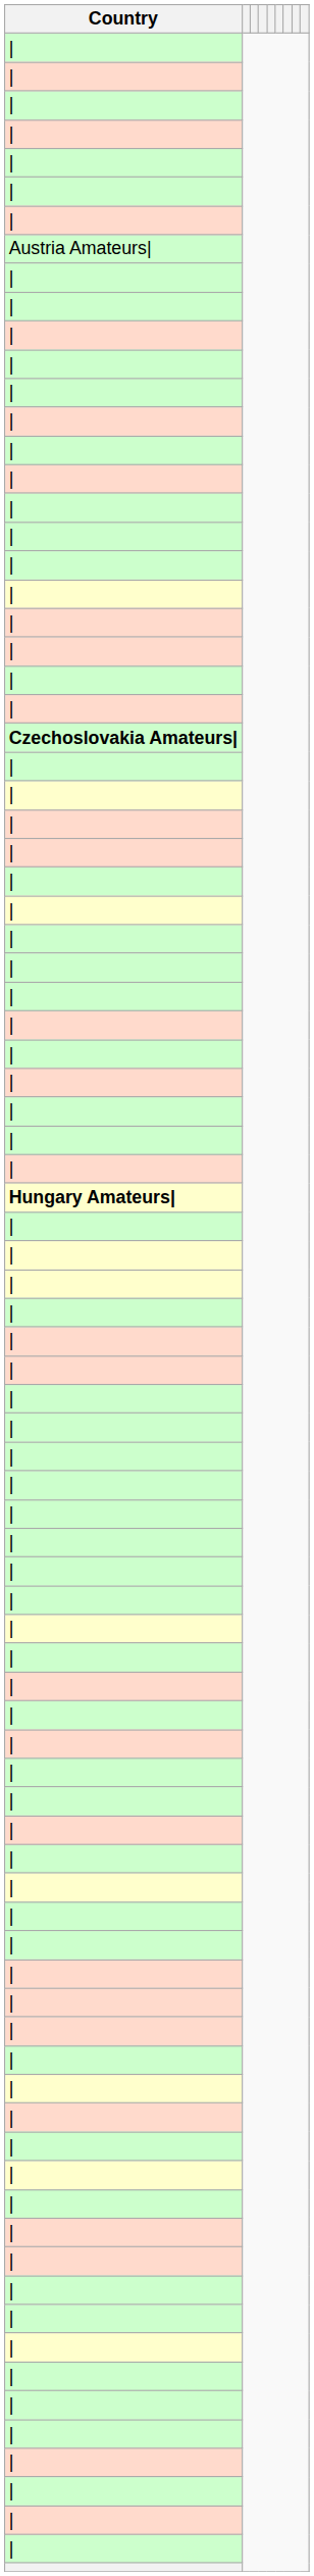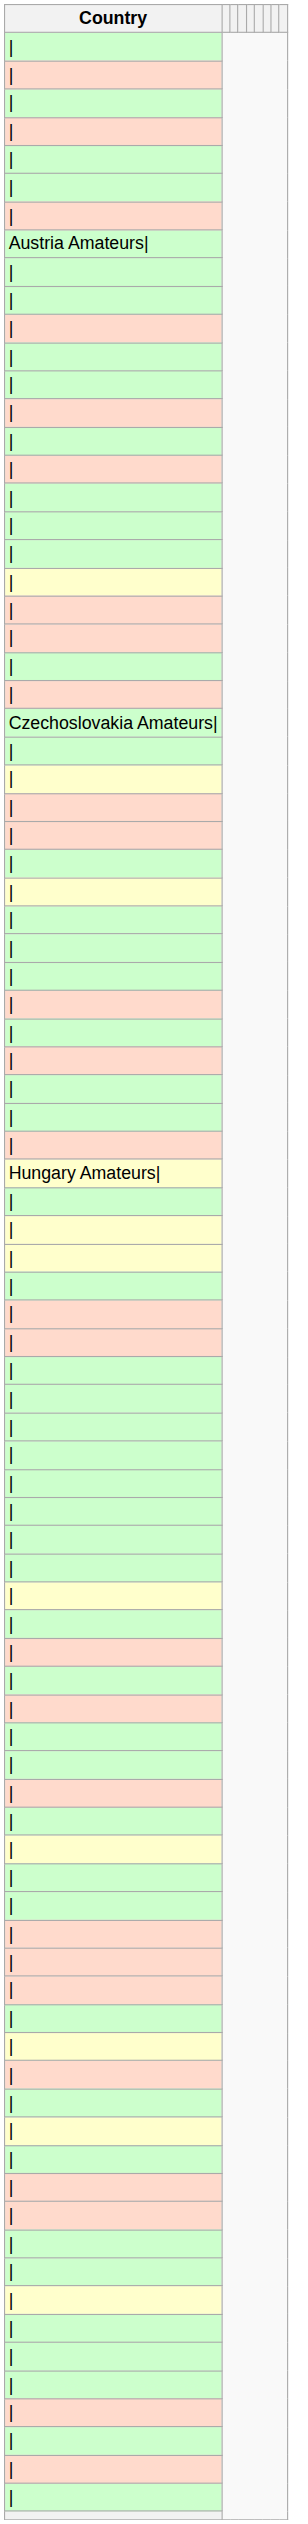 <table class="wikitable sortable sticky-header sort-under collapsible collapsed" style="text-align: center; font-size: 100%;">
 <tr>
 <th>Country</th>
 <th></th>
 <th></th>
 <th></th>
 <th></th>
 <th></th>
 <th></th>
 <th></th>
 <th></th>
 </tr>
 <tr style="background:#CCFFCC">
 <td style="text-align:left">|</td>
 </tr>
 <tr style="background:#FFDACC">
 <td style="text-align:left">|</td>
 </tr>
 <tr style="background:#CCFFCC">
 <td style="text-align:left">|</td>
 </tr>
 <tr style="background:#FFDACC">
 <td style="text-align:left">|</td>
 </tr>
 <tr style="background:#CCFFCC">
 <td style="text-align:left">|</td>
 </tr>
 <tr style="background:#CCFFCC">
 <td style="text-align:left">|</td>
 </tr>
 <tr style="background:#FFDACC">
 <td style="text-align:left">|</td>
 </tr>
 <tr style="background:#CCFFCC">
 <td style="text-align:left">Austria Amateurs|</td>
 </tr>
 <tr style="background:#CCFFCC">
 <td style="text-align:left">|</td>
 </tr>
 <tr style="background:#CCFFCC">
 <td style="text-align:left">|</td>
 </tr>
 <tr style="background:#FFDACC">
 <td style="text-align:left">|</td>
 </tr>
 <tr style="background:#CCFFCC">
 <td style="text-align:left">|</td>
 </tr>
 <tr style="background:#CCFFCC">
 <td style="text-align:left">|</td>
 </tr>
 <tr style="background:#FFDACC">
 <td style="text-align:left">|</td>
 </tr>
 <tr style="background:#CCFFCC">
 <td style="text-align:left">|</td>
 </tr>
 <tr style="background:#FFDACC">
 <td style="text-align:left">|</td>
 </tr>
 <tr style="background:#CCFFCC">
 <td style="text-align:left">|</td>
 </tr>
 <tr style="background:#CCFFCC">
 <td style="text-align:left">|</td>
 </tr>
 <tr style="background:#CCFFCC">
 <td style="text-align:left">|</td>
 </tr>
 <tr style="background:#FFFFCC">
 <td style="text-align:left">|</td>
 </tr>
 <tr style="background:#FFDACC">
 <td style="text-align:left">|</td>
 </tr>
 <tr style="background:#FFDACC">
 <td style="text-align:left">|</td>
 </tr>
 <tr style="background:#CCFFCC">
 <td style="text-align:left">|</td>
 </tr>
 <tr style="background:#FFDACC">
 <td style="text-align:left">|</td>
 </tr>
 <tr style="background:#CCFFCC">
-<td style="text-align:left"><strong>Czechoslovakia Amateurs|</strong></td>
+<td style="text-align:left">Czechoslovakia Amateurs|</td>
 </tr>
 <tr style="background:#CCFFCC">
 <td style="text-align:left">|</td>
 </tr>
 <tr style="background:#FFFFCC">
 <td style="text-align:left">|</td>
 </tr>
 <tr style="background:#FFDACC">
 <td style="text-align:left">|</td>
 </tr>
 <tr style="background:#FFDACC">
 <td style="text-align:left">|</td>
 </tr>
 <tr style="background:#CCFFCC">
 <td style="text-align:left">|</td>
 </tr>
 <tr style="background:#FFFFCC">
 <td style="text-align:left">|</td>
 </tr>
 <tr style="background:#CCFFCC">
 <td style="text-align:left">|</td>
 </tr>
 <tr style="background:#CCFFCC">
 <td style="text-align:left">|</td>
 </tr>
 <tr style="background:#CCFFCC">
 <td style="text-align:left">|</td>
 </tr>
 <tr style="background:#FFDACC">
 <td style="text-align:left">|</td>
 </tr>
 <tr style="background:#CCFFCC">
 <td style="text-align:left">|</td>
 </tr>
 <tr style="background:#FFDACC">
 <td style="text-align:left">|</td>
 </tr>
 <tr style="background:#CCFFCC">
 <td style="text-align:left">|</td>
 </tr>
 <tr style="background:#CCFFCC">
 <td style="text-align:left">|</td>
 </tr>
 <tr style="background:#FFDACC">
 <td style="text-align:left">|</td>
 </tr>
 <tr style="background:#FFFFCC">
-<td style="text-align:left"><strong>Hungary Amateurs|</strong></td>
+<td style="text-align:left">Hungary Amateurs|</td>
 </tr>
 <tr style="background:#CCFFCC">
 <td style="text-align:left">|</td>
 </tr>
 <tr style="background:#FFFFCC">
 <td style="text-align:left">|</td>
 </tr>
 <tr style="background:#FFFFCC">
 <td style="text-align:left">|</td>
 </tr>
 <tr style="background:#CCFFCC">
 <td style="text-align:left">|</td>
 </tr>
 <tr style="background:#FFDACC">
 <td style="text-align:left">|</td>
 </tr>
 <tr style="background:#FFDACC">
 <td style="text-align:left">|</td>
 </tr>
 <tr style="background:#CCFFCC">
 <td style="text-align:left">|</td>
 </tr>
 <tr style="background:#CCFFCC">
 <td style="text-align:left">|</td>
 </tr>
 <tr style="background:#CCFFCC">
 <td style="text-align:left">|</td>
 </tr>
 <tr style="background:#CCFFCC">
 <td style="text-align:left">|</td>
 </tr>
 <tr style="background:#CCFFCC">
 <td style="text-align:left">|</td>
 </tr>
 <tr style="background:#CCFFCC">
 <td style="text-align:left">|</td>
 </tr>
 <tr style="background:#CCFFCC">
 <td style="text-align:left">|</td>
 </tr>
 <tr style="background:#CCFFCC">
 <td style="text-align:left">|</td>
 </tr>
 <tr style="background:#FFFFCC">
 <td style="text-align:left">|</td>
 </tr>
 <tr style="background:#CCFFCC">
 <td style="text-align:left">|</td>
 </tr>
 <tr style="background:#FFDACC">
 <td style="text-align:left">|</td>
 </tr>
 <tr style="background:#CCFFCC">
 <td style="text-align:left">|</td>
 </tr>
 <tr style="background:#FFDACC">
 <td style="text-align:left">|</td>
 </tr>
 <tr style="background:#CCFFCC">
 <td style="text-align:left">|</td>
 </tr>
 <tr style="background:#CCFFCC">
 <td style="text-align:left">|</td>
 </tr>
 <tr style="background:#FFDACC">
 <td style="text-align:left">|</td>
 </tr>
 <tr style="background:#CCFFCC">
 <td style="text-align:left">|</td>
 </tr>
 <tr style="background:#FFFFCC">
 <td style="text-align:left">|</td>
 </tr>
 <tr style="background:#CCFFCC">
 <td style="text-align:left">|</td>
 </tr>
 <tr style="background:#CCFFCC">
 <td style="text-align:left">|</td>
 </tr>
 <tr style="background:#FFDACC">
 <td style="text-align:left">|</td>
 </tr>
 <tr style="background:#FFDACC">
 <td style="text-align:left">|</td>
 </tr>
 <tr style="background:#FFDACC">
 <td style="text-align:left">|</td>
 </tr>
 <tr style="background:#CCFFCC">
 <td style="text-align:left">|</td>
 </tr>
 <tr style="background:#FFFFCC">
 <td style="text-align:left">|</td>
 </tr>
 <tr style="background:#FFDACC">
 <td style="text-align:left">|</td>
 </tr>
 <tr style="background:#CCFFCC">
 <td style="text-align:left">|</td>
 </tr>
 <tr style="background:#FFFFCC">
 <td style="text-align:left">|</td>
 </tr>
 <tr style="background:#CCFFCC">
 <td style="text-align:left">|</td>
 </tr>
 <tr style="background:#FFDACC">
 <td style="text-align:left">|</td>
 </tr>
 <tr style="background:#FFDACC">
 <td style="text-align:left">|</td>
 </tr>
 <tr style="background:#CCFFCC">
 <td style="text-align:left">|</td>
 </tr>
 <tr style="background:#CCFFCC">
 <td style="text-align:left">|</td>
 </tr>
 <tr style="background:#FFFFCC">
 <td style="text-align:left">|</td>
 </tr>
 <tr style="background:#CCFFCC">
 <td style="text-align:left">|</td>
 </tr>
 <tr style="background:#CCFFCC">
 <td style="text-align:left">|</td>
 </tr>
 <tr style="background:#CCFFCC">
 <td style="text-align:left">|</td>
 </tr>
 <tr style="background:#FFDACC">
 <td style="text-align:left">|</td>
 </tr>
 <tr style="background:#CCFFCC">
 <td style="text-align:left">|</td>
 </tr>
 <tr style="background:#FFDACC">
 <td style="text-align:left">|</td>
 </tr>
 <tr style="background:#CCFFCC">
 <td style="text-align:left">|</td>
 </tr>
 <tr>
 <th Total (88 opponents)></th>
 </tr>
 </table>
